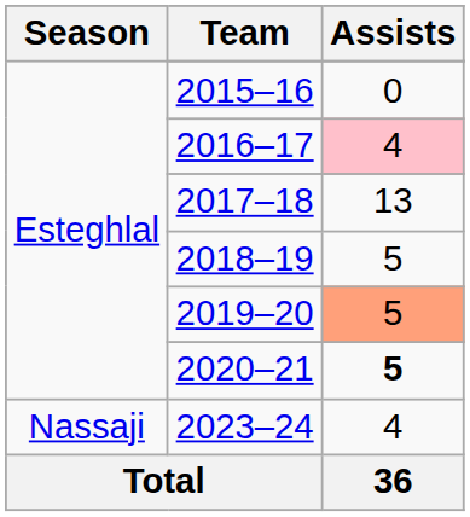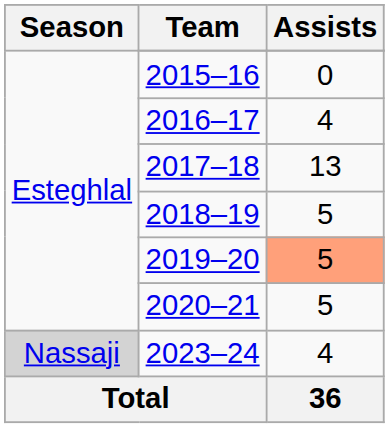 <table class="wikitable" style="text-align: center">
 <tr>
 <th>Season</th>
 <th>Team</th>
 <th>Assists</th>
 </tr>
 <tr>
 <td rowspan="7"><a href='#'>Esteghlal</a></td>
 </tr>
 <tr>
 <td><a href='#'>2015–16</a></td>
 <td>0</td>
 </tr>
 <tr>
 <td><a href='#'>2016–17</a></td>
-<td style="background: pink;">4</td>
+<td>4</td>
 </tr>
 <tr>
 <td><a href='#'>2017–18</a></td>
 <td>13</td>
 </tr>
 <tr>
 <td><a href='#'>2018–19</a></td>
 <td>5</td>
 </tr>
 <tr>
 <td><a href='#'>2019–20</a></td>
 <td style="background: lightsalmon;">5</td>
 </tr>
 <tr>
 <td><a href='#'>2020–21</a></td>
-<td><strong>5</strong></td>
+<td>5</td>
 </tr>
 <tr>
-<td><a href='#'>Nassaji</a></td>
+<td style="background: lightgrey;"><a href='#'>Nassaji</a></td>
 <td><a href='#'>2023–24</a></td>
 <td>4</td>
 </tr>
 <tr>
 <th colspan="2">Total</th>
 <th>36</th>
 </tr>
 </table>
